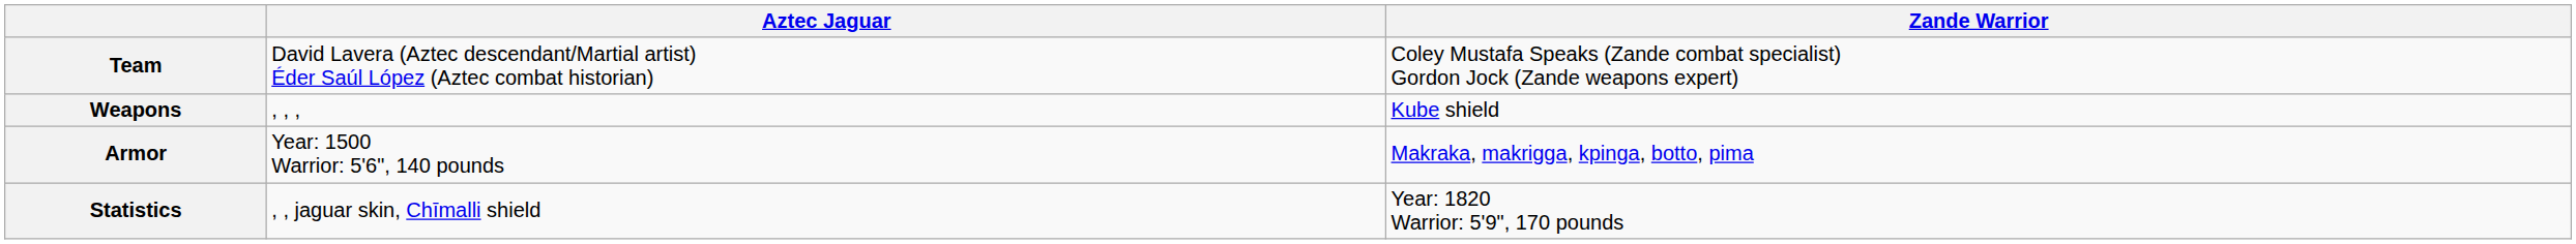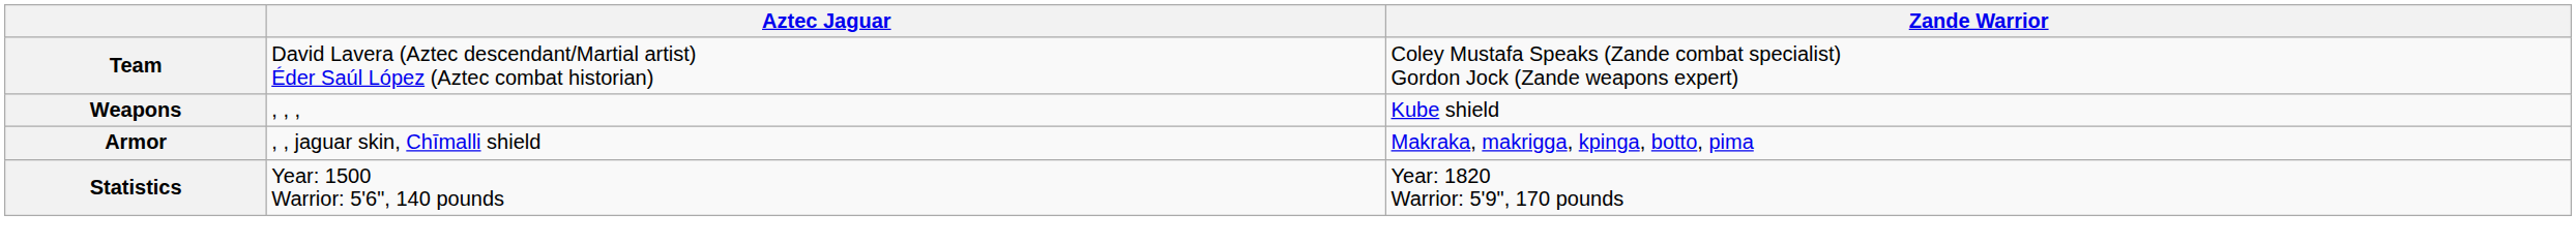 <table class="wikitable unsortable" ; style="width: 100%">
 <tr>
 <th></th>
 <th><strong><a href='#'>Aztec Jaguar</a></strong></th>
 <th><strong><a href='#'>Zande Warrior</a></strong></th>
 </tr>
 <tr>
 <th>Team</th>
 <td>David Lavera (Aztec descendant/Martial artist)<br><a href='#'>Éder Saúl López</a> (Aztec combat historian)</td>
 <td>Coley Mustafa Speaks (Zande combat specialist)<br>Gordon Jock (Zande weapons expert)</td>
 </tr>
 <tr>
 <th>Weapons</th>
 <td>, , , </td>
 <td><a href='#'>Kube</a> shield</td>
 </tr>
 <tr>
 <th>Armor</th>
-<td>Year: 1500<br>Warrior: 5'6", 140 pounds</td>
+<td>, , jaguar skin, <a href='#'>Chīmalli</a> shield</td>
 <td><a href='#'>Makraka</a>, <a href='#'>makrigga</a>, <a href='#'>kpinga</a>, <a href='#'>botto</a>, <a href='#'>pima</a></td>
 </tr>
 <tr>
 <th>Statistics</th>
-<td>, , jaguar skin, <a href='#'>Chīmalli</a> shield</td>
+<td>Year: 1500<br>Warrior: 5'6", 140 pounds</td>
 <td>Year: 1820<br>Warrior: 5'9", 170 pounds</td>
 </tr>
 </table>
